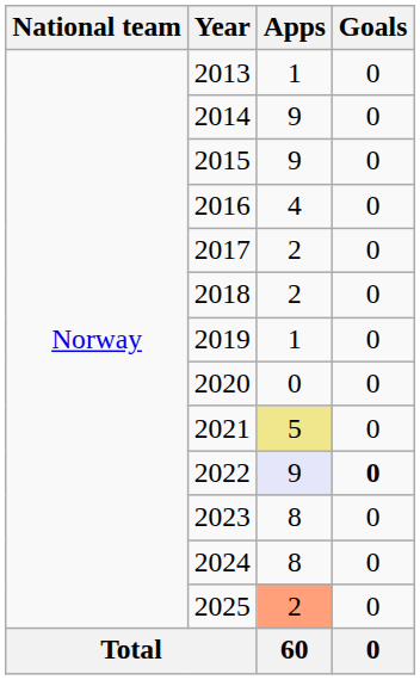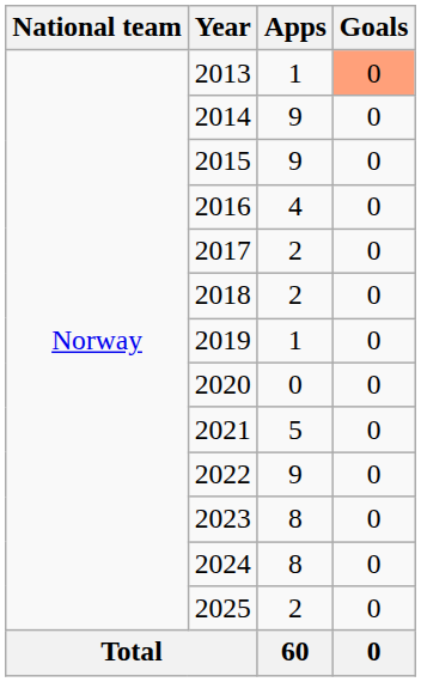 <table class="wikitable" style="text-align:center">
 <tr>
 <th>National team</th>
 <th>Year</th>
 <th>Apps</th>
 <th>Goals</th>
 </tr>
 <tr>
 <td rowspan=13><a href='#'>Norway</a></td>
 <td>2013</td>
 <td>1</td>
-<td>0</td>
+<td style="background: lightsalmon;">0</td>
 </tr>
 <tr>
 <td>2014</td>
 <td>9</td>
 <td>0</td>
 </tr>
 <tr>
 <td>2015</td>
 <td>9</td>
 <td>0</td>
 </tr>
 <tr>
 <td>2016</td>
 <td>4</td>
 <td>0</td>
 </tr>
 <tr>
 <td>2017</td>
 <td>2</td>
 <td>0</td>
 </tr>
 <tr>
 <td>2018</td>
 <td>2</td>
 <td>0</td>
 </tr>
 <tr>
 <td>2019</td>
 <td>1</td>
 <td>0</td>
 </tr>
 <tr>
 <td>2020</td>
 <td>0</td>
 <td>0</td>
 </tr>
 <tr>
 <td>2021</td>
-<td style="background: khaki;">5</td>
+<td>5</td>
 <td>0</td>
 </tr>
 <tr>
 <td>2022</td>
-<td style="background: lavender;">9</td>
-<td><strong>0</strong></td>
+<td>9</td>
+<td>0</td>
 </tr>
 <tr>
 <td>2023</td>
 <td>8</td>
 <td>0</td>
 </tr>
 <tr>
 <td>2024</td>
 <td>8</td>
 <td>0</td>
 </tr>
 <tr>
 <td>2025</td>
-<td style="background: lightsalmon;">2</td>
+<td>2</td>
 <td>0</td>
 </tr>
 <tr>
 <th colspan=2>Total</th>
 <th>60</th>
 <th>0</th>
 </tr>
 </table>
